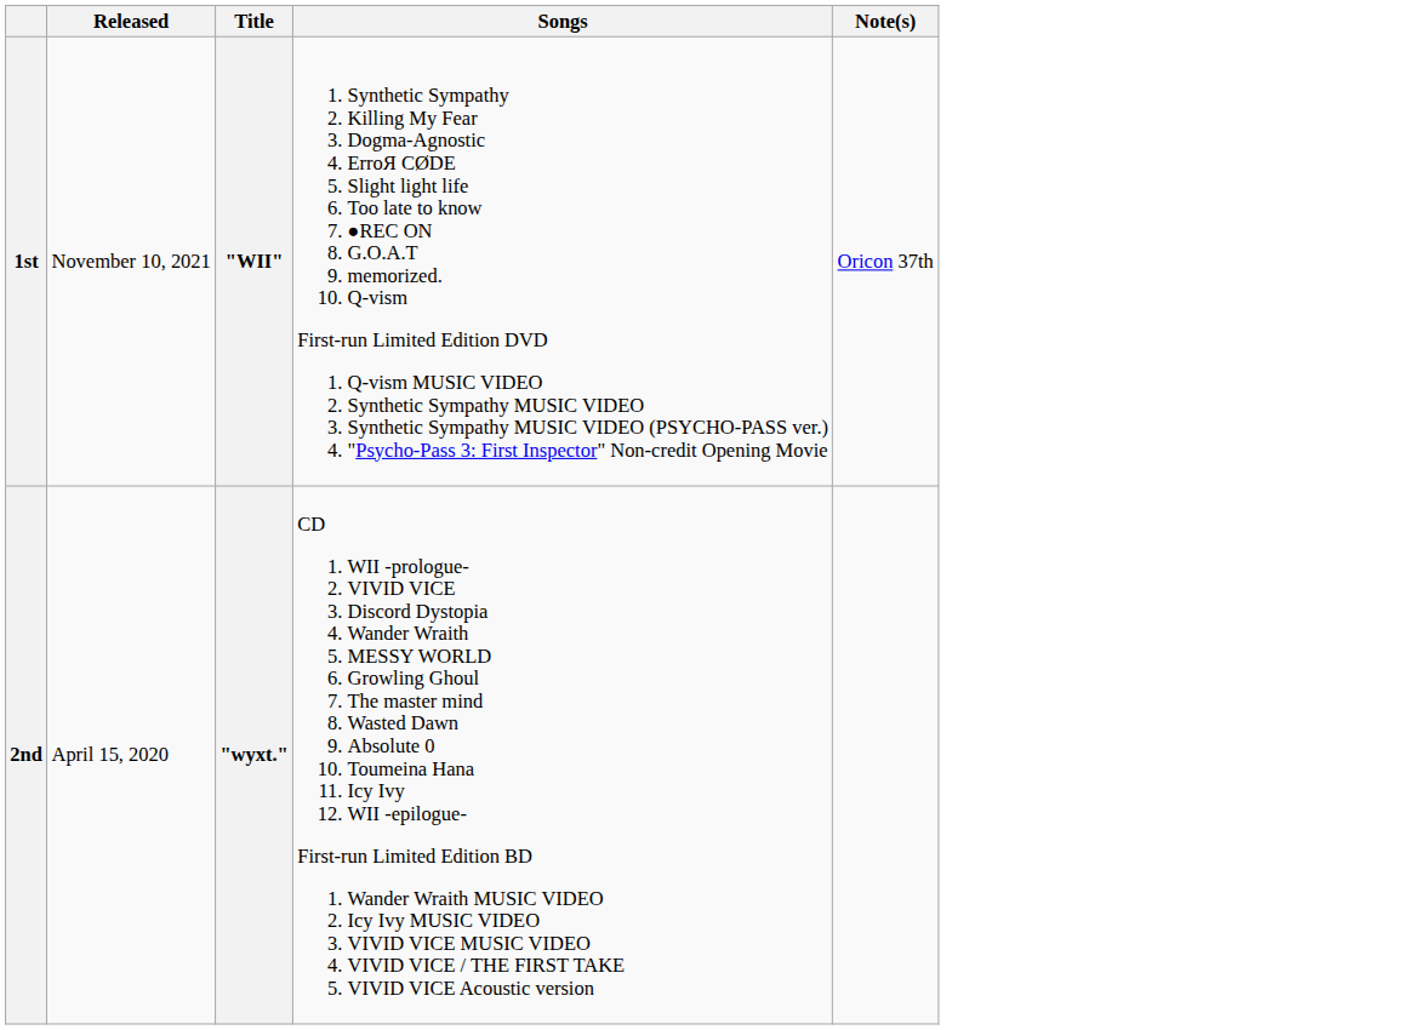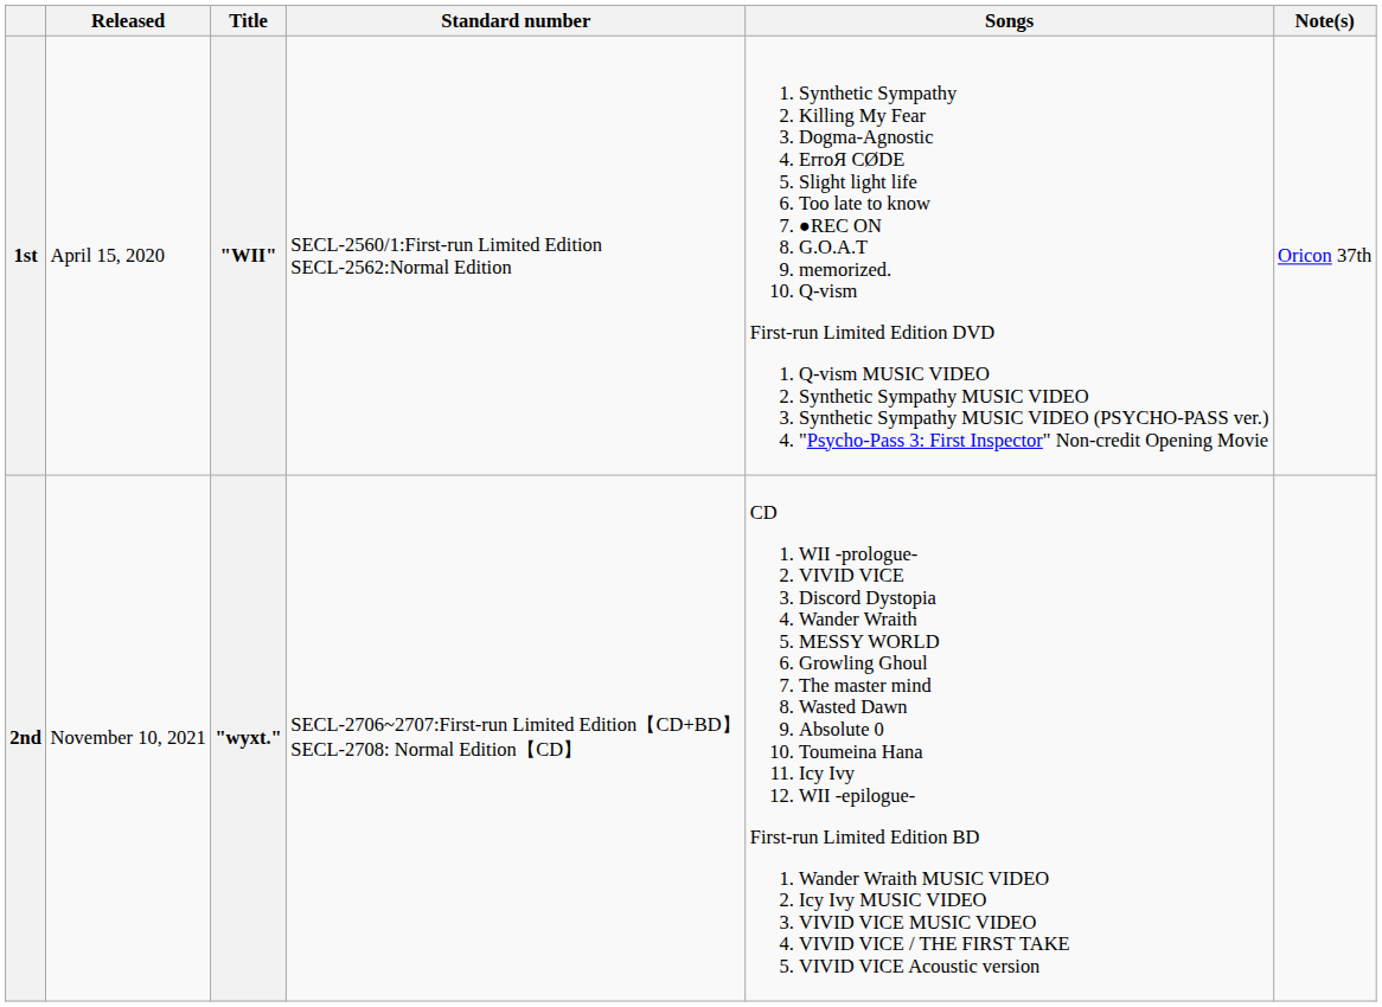 <table class="wikitable plainrowheaders">
 <tr>
 <th> </th>
 <th scope="col" rowspan="1">Released</th>
 <th scope="col" rowspan="1">Title</th>
+<th scope="col" rowspan="1">Standard number</th>
 <th scope="col" rowspan="1">Songs</th>
 <th scope="col" rowspan="1">Note(s)</th>
 </tr>
 <tr>
 <th>1st</th>
-<td>November 10, 2021 </td>
+<td>April 15, 2020 </td>
 <th scope="row">"WII"</th>
+<td>SECL-2560/1:First-run Limited Edition<br>SECL-2562:Normal Edition</td>
 <td><br><ol><li>Synthetic Sympathy</li><li>Killing My Fear</li><li>Dogma-Agnostic</li><li>ErroЯ CØDE</li><li>Slight light life</li><li>Too late to know</li><li>●REC ON</li><li>G.O.A.T</li><li>memorized.</li><li>Q-vism</li></ol>First-run Limited Edition DVD<ol><li>Q-vism MUSIC VIDEO</li><li>Synthetic Sympathy MUSIC VIDEO</li><li>Synthetic Sympathy MUSIC VIDEO (PSYCHO-PASS ver.)</li><li>"<a href='#'>Psycho-Pass 3: First Inspector</a>" Non-credit Opening Movie</li></ol></td>
 <td><a href='#'>Oricon</a> 37th<br></td>
 </tr>
 <tr>
 <th>2nd</th>
-<td>April 15, 2020 </td>
+<td>November 10, 2021 </td>
 <th scope="row">"wyxt."</th>
+<td>SECL-2706~2707:First-run Limited Edition【CD+BD】<br>SECL-2708: Normal Edition【CD】</td>
 <td><br>CD<ol><li>WII -prologue-</li><li>VIVID VICE</li><li>Discord Dystopia</li><li>Wander Wraith</li><li>MESSY WORLD</li><li>Growling Ghoul</li><li>The master mind</li><li>Wasted Dawn</li><li>Absolute 0</li><li>Toumeina Hana</li><li>Icy Ivy</li><li>WII -epilogue-</li></ol>First-run Limited Edition BD<ol><li>Wander Wraith MUSIC VIDEO</li><li>Icy Ivy MUSIC VIDEO</li><li>VIVID VICE MUSIC VIDEO</li><li>VIVID VICE / THE FIRST TAKE</li><li>VIVID VICE Acoustic version</li></ol></td>
 <td></td>
 </tr>
 </table>
